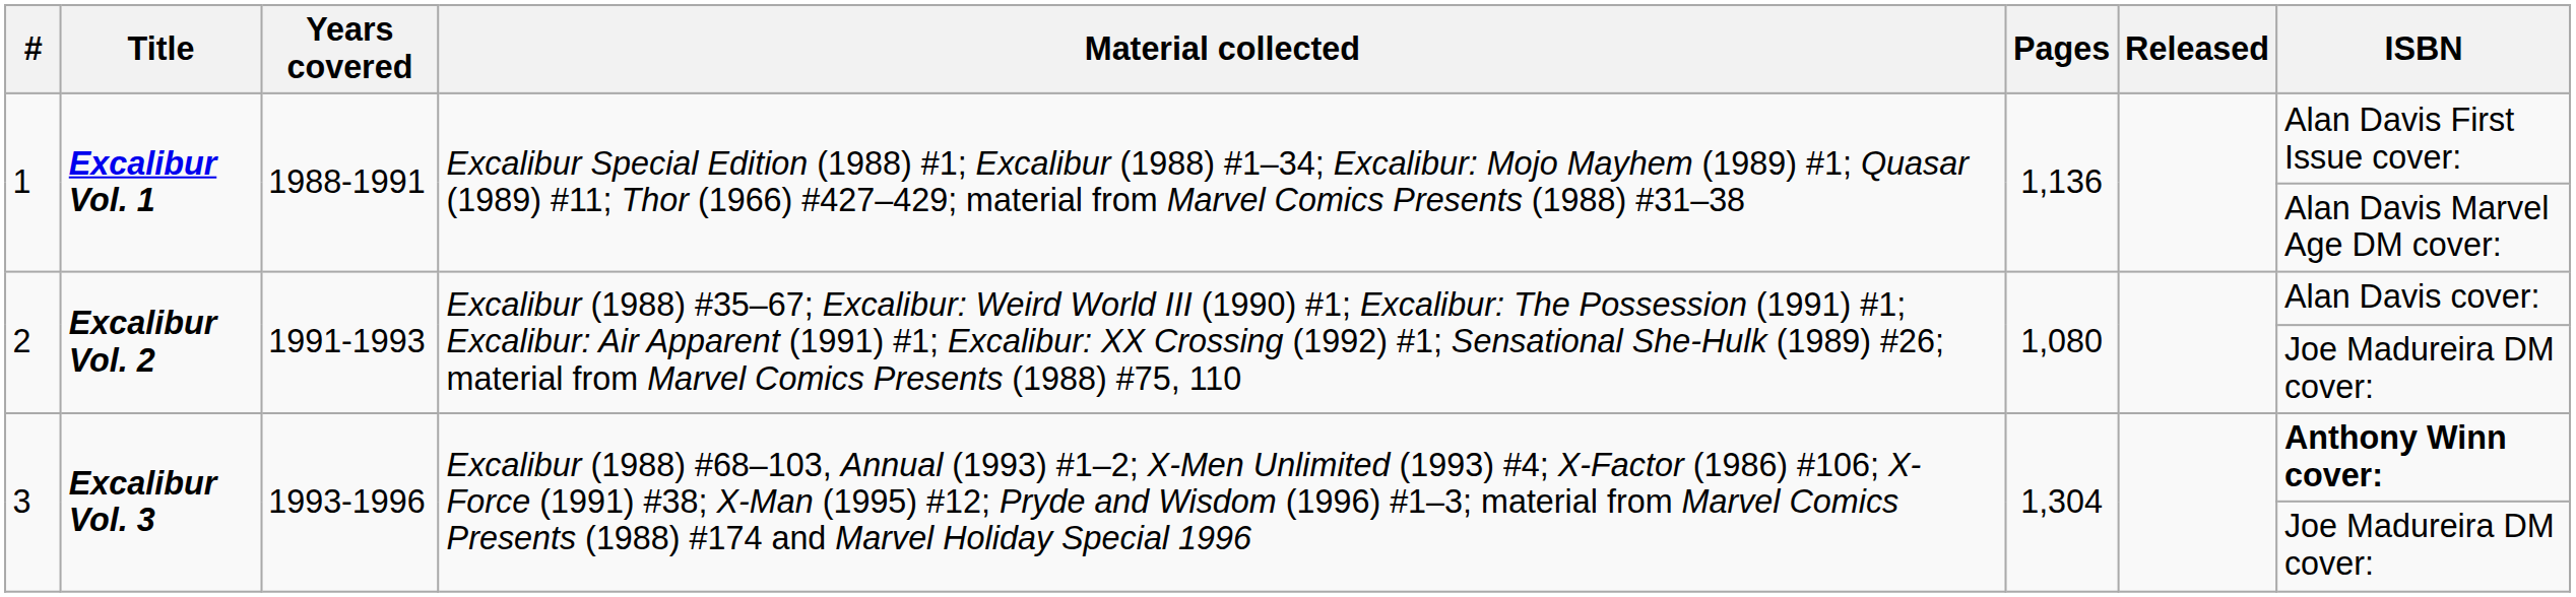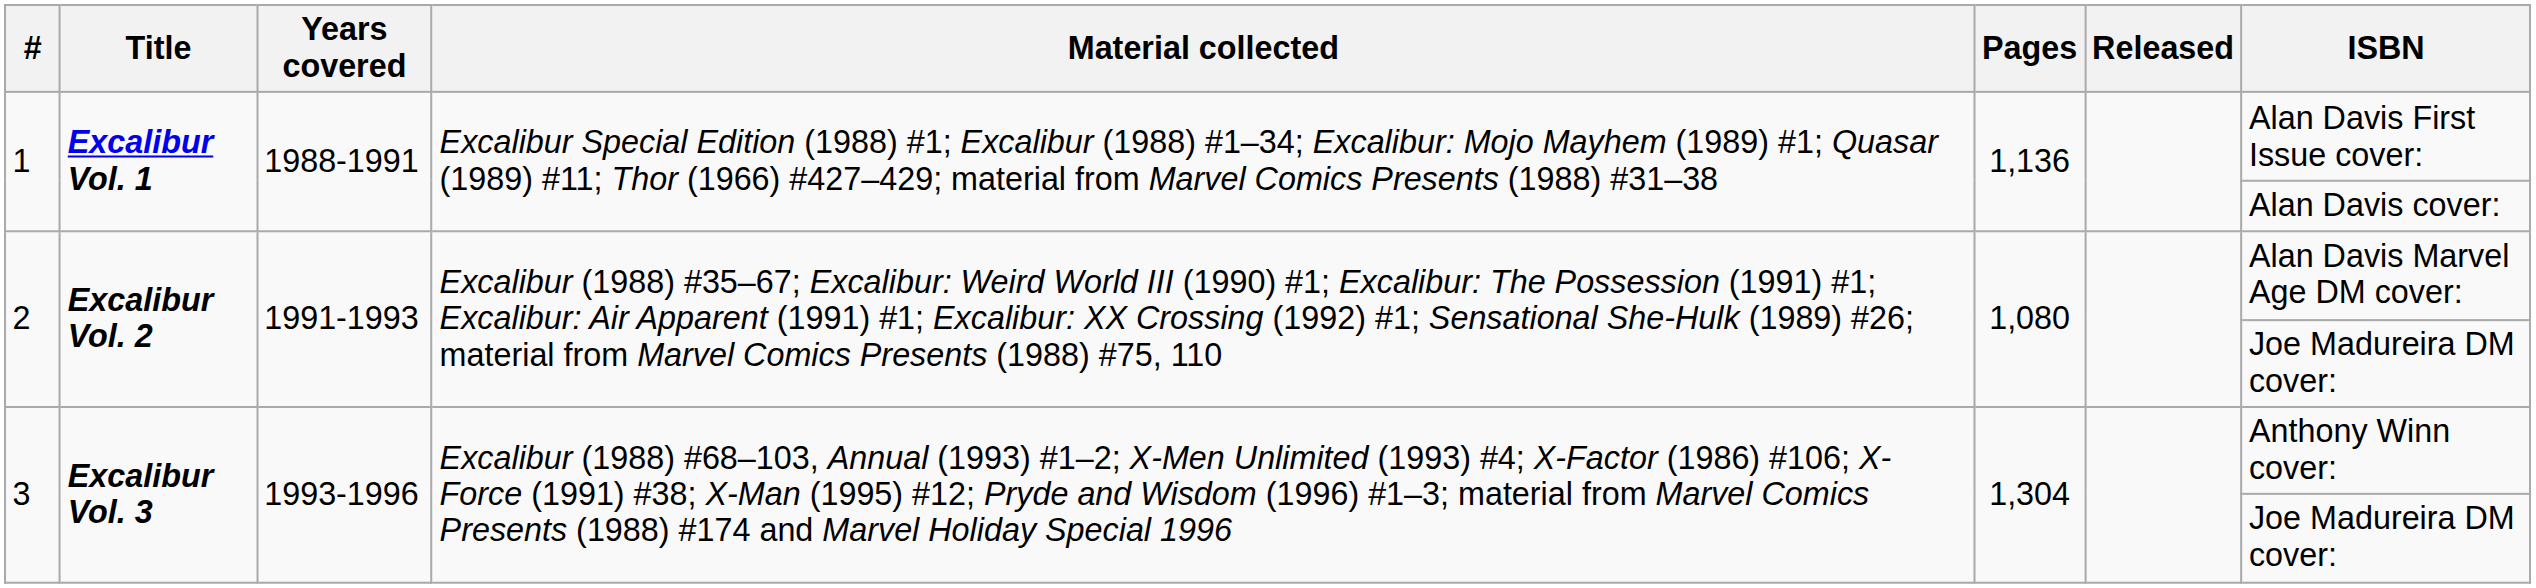 <table class="wikitable sortable" width="99%">
 <tr>
 <th class="unsortable" width="20px">#</th>
 <th>Title</th>
 <th>Years covered</th>
 <th class="unsortable">Material collected</th>
 <th>Pages</th>
 <th>Released</th>
 <th class="unsortable">ISBN</th>
 </tr>
 <tr>
 <td rowspan="2">1</td>
 <td rowspan="2"><strong><em><a href='#'>Excalibur</a> Vol. 1</em></strong></td>
 <td rowspan="2">1988-1991</td>
 <td rowspan="2"><em>Excalibur Special Edition</em> (1988) #1; <em>Excalibur</em> (1988) #1–34; <em>Excalibur: Mojo Mayhem</em> (1989) #1; <em>Quasar</em> (1989) #11; <em>Thor</em> (1966) #427–429; material from <em>Marvel Comics Presents</em> (1988) #31–38</td>
 <td rowspan="2" style="text-align: center;">1,136</td>
 <td rowspan="2"></td>
 <td>Alan Davis First Issue cover: </td>
 </tr>
 <tr>
-<td>Alan Davis Marvel Age DM cover: </td>
+<td>Alan Davis cover: </td>
 </tr>
 <tr>
 <td rowspan="2">2</td>
 <td rowspan="2"><strong><em>Excalibur Vol. 2</em></strong></td>
 <td rowspan="2">1991-1993</td>
 <td rowspan="2"><em>Excalibur</em> (1988) #35–67; <em>Excalibur: Weird World III</em> (1990) #1; <em>Excalibur: The Possession</em> (1991) #1; <em>Excalibur: Air Apparent</em> (1991) #1; <em>Excalibur: XX Crossing</em> (1992) #1; <em>Sensational She-Hulk</em> (1989) #26; material from <em>Marvel Comics Presents</em> (1988) #75, 110</td>
 <td rowspan="2" style="text-align: center;">1,080</td>
 <td rowspan="2"></td>
-<td>Alan Davis cover: </td>
+<td>Alan Davis Marvel Age DM cover: </td>
 </tr>
 <tr>
 <td>Joe Madureira DM cover: </td>
 </tr>
 <tr>
 <td rowspan="2">3</td>
 <td rowspan="2"><strong><em>Excalibur Vol. 3</em></strong></td>
 <td rowspan="2">1993-1996</td>
 <td rowspan="2"><em>Excalibur</em> (1988) #68–103, <em>Annual</em> (1993) #1–2; <em>X-Men Unlimited</em> (1993) #4; <em>X-Factor</em> (1986) #106; <em>X-Force</em> (1991) #38; <em>X-Man</em> (1995) #12; <em>Pryde and Wisdom</em> (1996) #1–3; material from <em>Marvel Comics Presents</em> (1988) #174 and <em>Marvel Holiday Special 1996</em></td>
 <td rowspan="2" style="text-align: center;">1,304</td>
 <td rowspan="2"></td>
-<td><strong>Anthony Winn cover: </strong></td>
+<td>Anthony Winn cover: </td>
 </tr>
 <tr>
 <td>Joe Madureira DM cover: </td>
 </tr>
 </table>
